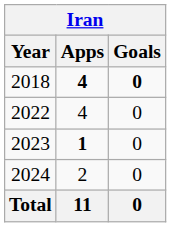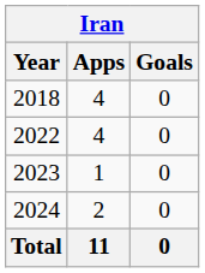 <table class="wikitable" style="text-align:center">
 <tr>
 <th colspan=5><a href='#'>Iran</a></th>
 </tr>
 <tr>
 <th>Year</th>
 <th>Apps</th>
 <th>Goals</th>
 </tr>
 <tr>
 <td>2018</td>
-<td><strong>4</strong></td>
-<td><strong>0</strong></td>
+<td>4</td>
+<td>0</td>
 </tr>
 <tr>
 <td>2022</td>
 <td>4</td>
 <td>0</td>
 </tr>
 <tr>
 <td>2023</td>
-<td><strong>1</strong></td>
+<td>1</td>
 <td>0</td>
 </tr>
 <tr>
 <td>2024</td>
 <td>2</td>
 <td>0</td>
 </tr>
 <tr>
 <th>Total</th>
 <th>11</th>
 <th>0</th>
 </tr>
 </table>
